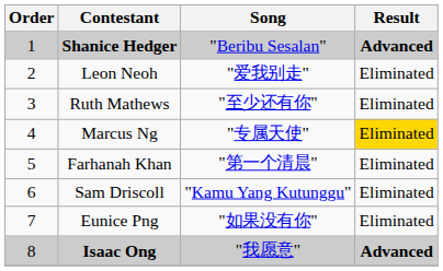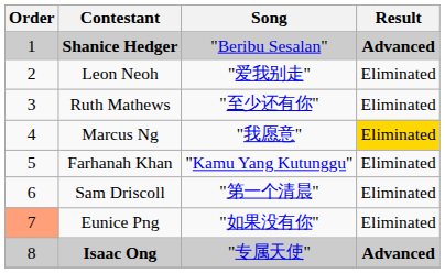 <table class="wikitable plainrowheaders" style="text-align:center;">
 <tr>
 <th scope="col">Order</th>
 <th scope="col">Contestant</th>
 <th scope="col">Song</th>
 <th scope="col">Result</th>
 </tr>
 <tr style="background:#ccc;">
 <td scope="row">1</td>
 <td><strong>Shanice Hedger</strong></td>
 <td>"<a href='#'>Beribu Sesalan</a>"</td>
 <td><strong>Advanced</strong></td>
 </tr>
 <tr>
 <td scope="row">2</td>
 <td>Leon Neoh</td>
 <td>"<a href='#'>爱我别走</a>"</td>
 <td>Eliminated</td>
 </tr>
 <tr>
 <td scope="row">3</td>
 <td>Ruth Mathews</td>
 <td>"<a href='#'>至少还有你</a>"</td>
 <td>Eliminated</td>
 </tr>
 <tr>
 <td scope="row">4</td>
 <td>Marcus Ng</td>
-<td>"<a href='#'>专属天使</a>"</td>
+<td>"<a href='#'>我愿意</a>"</td>
 <td style="background: gold;">Eliminated</td>
 </tr>
 <tr>
 <td scope="row">5</td>
 <td>Farhanah Khan</td>
-<td>"<a href='#'>第一个清晨</a>"</td>
+<td>"<a href='#'>Kamu Yang Kutunggu</a>"</td>
 <td>Eliminated</td>
 </tr>
 <tr>
 <td scope="row">6</td>
 <td>Sam Driscoll</td>
-<td>"<a href='#'>Kamu Yang Kutunggu</a>"</td>
+<td>"<a href='#'>第一个清晨</a>"</td>
 <td>Eliminated</td>
 </tr>
 <tr>
-<td scope="row">7</td>
+<td scope="row" style="background: lightsalmon;">7</td>
 <td>Eunice Png</td>
 <td>"<a href='#'>如果没有你</a>"</td>
 <td>Eliminated</td>
 </tr>
 <tr style="background:#ccc;">
 <td scope="row">8</td>
 <td><strong>Isaac Ong</strong></td>
-<td>"<a href='#'>我愿意</a>"</td>
+<td>"<a href='#'>专属天使</a>"</td>
 <td><strong>Advanced</strong></td>
 </tr>
 <tr>
 </tr>
 </table>
